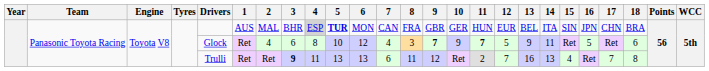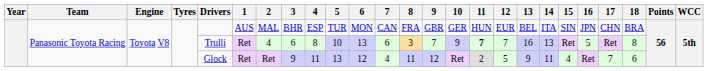 <table class="wikitable" style="text-align:center; font-size:95%">
 <tr>
 <th>Year</th>
 <th>Team</th>
 <th>Engine</th>
 <th>Tyres</th>
 <th>Drivers</th>
 <th>1</th>
 <th>2</th>
 <th>3</th>
 <th>4</th>
 <th>5</th>
 <th>6</th>
 <th>7</th>
 <th>8</th>
 <th>9</th>
 <th>10</th>
 <th>11</th>
 <th>12</th>
 <th>13</th>
 <th>14</th>
 <th>15</th>
 <th>16</th>
 <th>17</th>
 <th>18</th>
 <th>Points</th>
 <th>WCC</th>
 </tr>
 <tr>
 <th rowspan="3"></th>
 <td rowspan="3"><a href='#'>Panasonic Toyota Racing</a></td>
 <td rowspan="3"><a href='#'>Toyota</a> <a href='#'>V8</a></td>
 <td rowspan="3"></td>
 <td></td>
 <td><a href='#'>AUS</a></td>
 <td><a href='#'>MAL</a></td>
 <td><a href='#'>BHR</a></td>
-<td style="background: lightgrey;"><a href='#'>ESP</a></td>
-<td><strong><a href='#'>TUR</a></strong></td>
+<td><a href='#'>ESP</a></td>
+<td><a href='#'>TUR</a></td>
 <td><a href='#'>MON</a></td>
 <td><a href='#'>CAN</a></td>
 <td><a href='#'>FRA</a></td>
 <td><a href='#'>GBR</a></td>
 <td><a href='#'>GER</a></td>
 <td><a href='#'>HUN</a></td>
 <td><a href='#'>EUR</a></td>
 <td><a href='#'>BEL</a></td>
 <td><a href='#'>ITA</a></td>
 <td><a href='#'>SIN</a></td>
 <td><a href='#'>JPN</a></td>
 <td><a href='#'>CHN</a></td>
 <td><a href='#'>BRA</a></td>
 <th rowspan="3">56</th>
 <th rowspan="3">5th</th>
 </tr>
 <tr>
-<td><a href='#'>Glock</a></td>
+<td><a href='#'>Trulli</a></td>
 <td style="background:#EFCFFF;">Ret</td>
 <td style="background:#DFFFDF;">4</td>
 <td style="background:#DFFFDF;">6</td>
 <td style="background:#DFFFDF;">8</td>
 <td style="background:#CFCFFF;">10</td>
-<td style="background:#CFCFFF;">12</td>
-<td style="background:#DFFFDF;">4</td>
+<td style="background:#CFCFFF;">13</td>
+<td style="background:#DFFFDF;">6</td>
 <td style="background:#FFDF9F;">3</td>
-<td style="background:#DFFFDF;"><strong>7</strong></td>
+<td style="background:#DFFFDF;">7</td>
 <td style="background:#CFCFFF;">9</td>
 <td style="background:#DFFFDF;"><strong>7</strong></td>
-<td style="background:#DFFFDF;">5</td>
-<td style="background:#CFCFFF;">9</td>
-<td style="background:#CFCFFF;">11</td>
+<td style="background:#DFFFDF;">7</td>
+<td style="background:#CFCFFF;">16</td>
+<td style="background:#CFCFFF;">13</td>
 <td style="background:#EFCFFF;">Ret</td>
 <td style="background:#DFFFDF;">5</td>
 <td style="background:#EFCFFF;">Ret</td>
-<td style="background:#DFFFDF;">6</td>
+<td style="background:#DFFFDF;">8</td>
 </tr>
 <tr>
-<td><a href='#'>Trulli</a></td>
+<td><a href='#'>Glock</a></td>
 <td style="background:#EFCFFF;">Ret</td>
 <td style="background:#EFCFFF;">Ret</td>
-<td style="background:#CFCFFF;"><strong>9</strong></td>
+<td style="background:#CFCFFF;">9</td>
 <td style="background:#CFCFFF;">11</td>
 <td style="background:#CFCFFF;">13</td>
-<td style="background:#CFCFFF;">13</td>
-<td style="background:#DFFFDF;">6</td>
+<td style="background:#CFCFFF;">12</td>
+<td style="background:#DFFFDF;">4</td>
 <td style="background:#CFCFFF;">11</td>
 <td style="background:#CFCFFF;">12</td>
 <td style="background:#EFCFFF;">Ret</td>
 <td style="background:#DFDFDF;">2</td>
-<td style="background:#DFFFDF;">7</td>
-<td style="background:#CFCFFF;">16</td>
-<td style="background:#CFCFFF;">13</td>
+<td style="background:#DFFFDF;">5</td>
+<td style="background:#CFCFFF;">9</td>
+<td style="background:#CFCFFF;">11</td>
 <td style="background:#DFFFDF;">4</td>
 <td style="background:#EFCFFF;">Ret</td>
 <td style="background:#DFFFDF;">7</td>
-<td style="background:#DFFFDF;">8</td>
+<td style="background:#DFFFDF;">6</td>
 </tr>
 </table>
